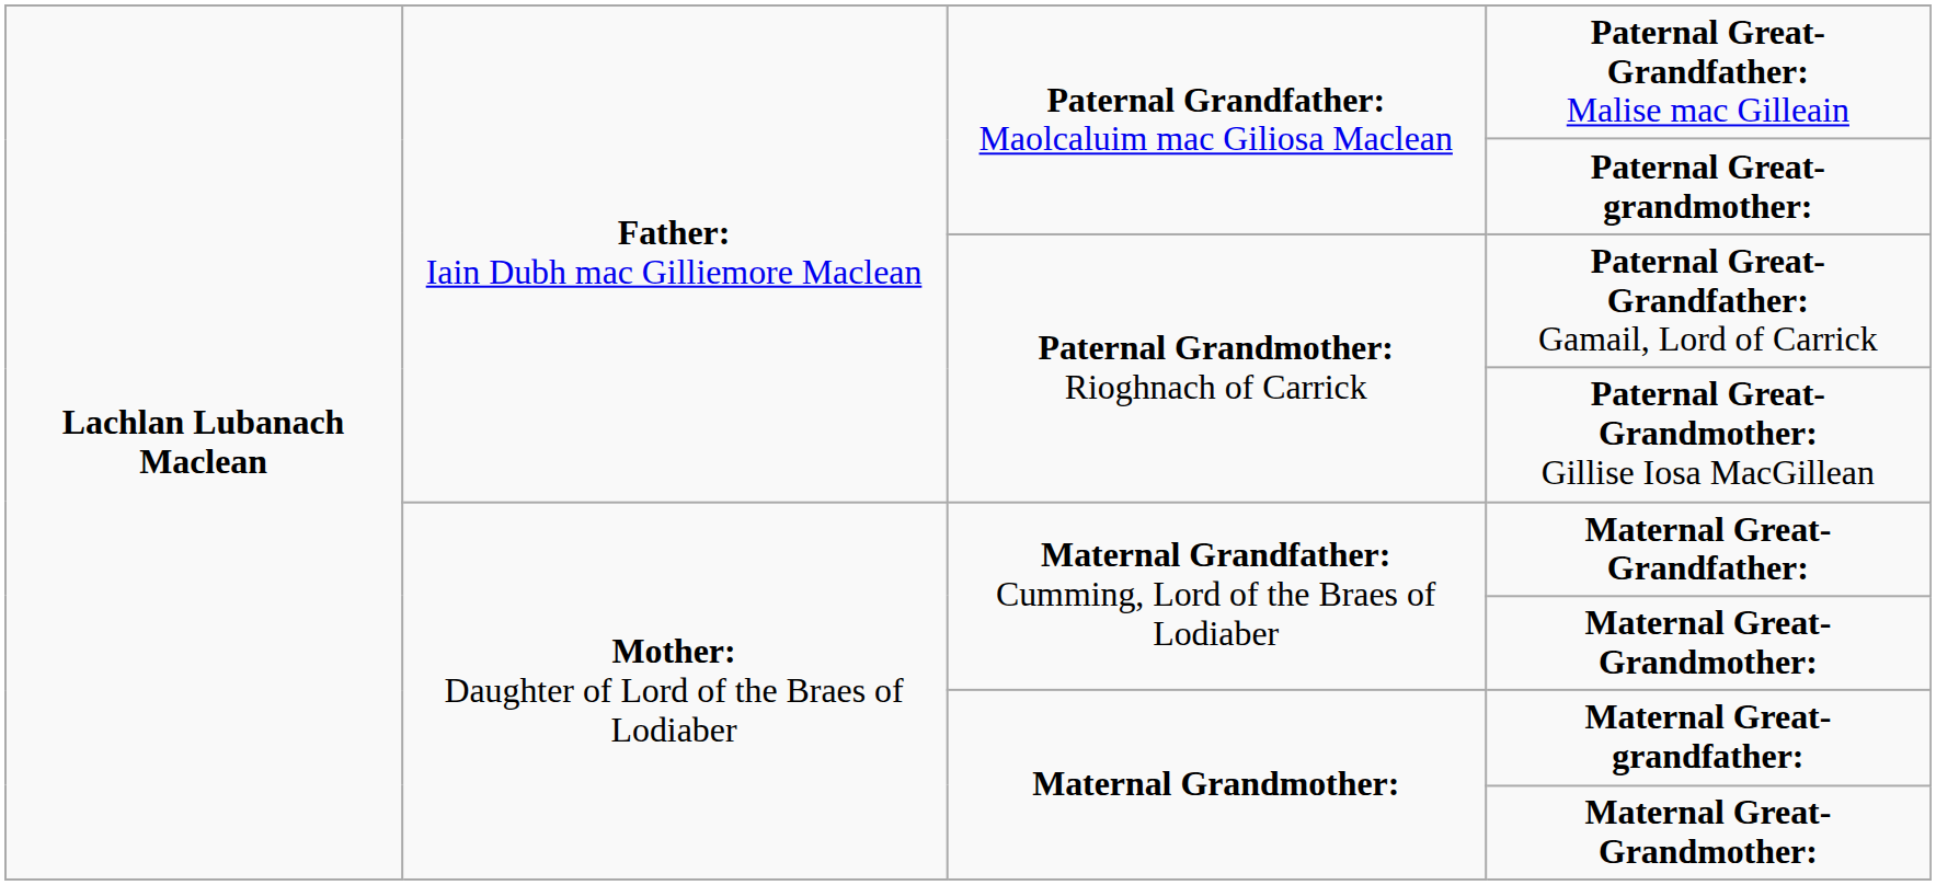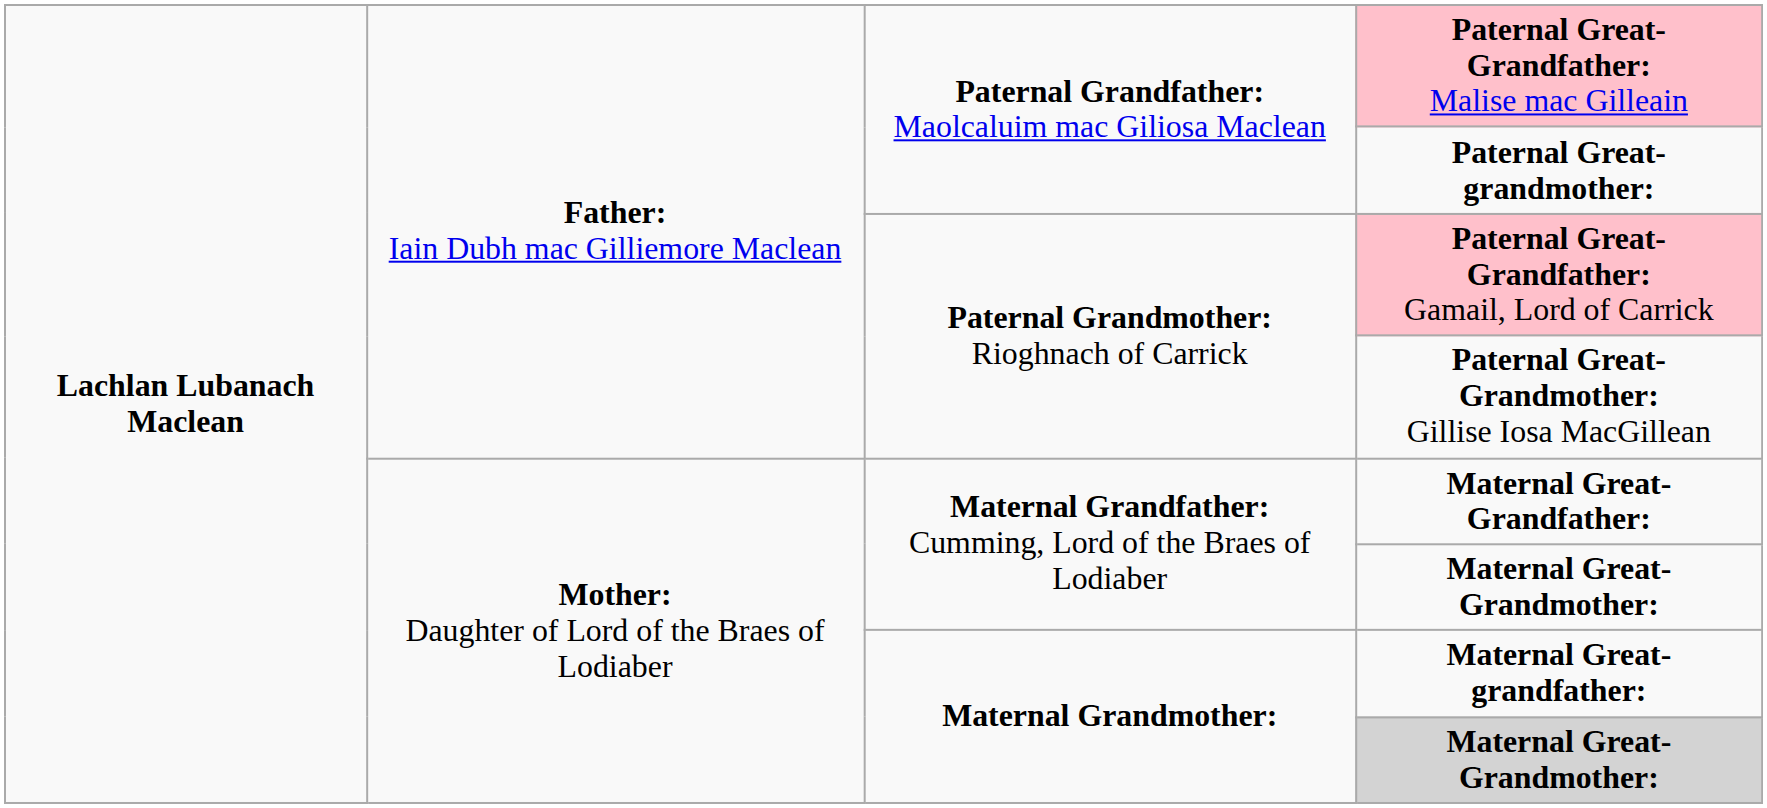 <table class="wikitable" style="margin:0.3em auto">
 <tr>
 </tr>
 <tr>
 <td rowspan="8" align="center"><strong>Lachlan Lubanach Maclean</strong></td>
 <td rowspan="4" align="center"><strong>Father:</strong><br><a href='#'>Iain Dubh mac Gilliemore Maclean</a></td>
 <td rowspan="2" align="center"><strong>Paternal Grandfather:</strong><br><a href='#'>Maolcaluim mac Giliosa Maclean</a></td>
-<td align="center"><strong>Paternal Great-Grandfather:</strong><br><a href='#'>Malise mac Gilleain</a></td>
+<td align="center" style="background: pink;"><strong>Paternal Great-Grandfather:</strong><br><a href='#'>Malise mac Gilleain</a></td>
 </tr>
 <tr>
 <td align="center"><strong>Paternal Great-grandmother:</strong><br></td>
 </tr>
 <tr>
 <td rowspan="2" align="center"><strong>Paternal Grandmother:</strong><br>Rioghnach of Carrick</td>
-<td align="center"><strong>Paternal Great-Grandfather:</strong><br>Gamail, Lord of Carrick</td>
+<td align="center" style="background: pink;"><strong>Paternal Great-Grandfather:</strong><br>Gamail, Lord of Carrick</td>
 </tr>
 <tr>
 <td align="center"><strong>Paternal Great-Grandmother:</strong><br>Gillise Iosa MacGillean</td>
 </tr>
 <tr>
 <td rowspan="4" align="center"><strong>Mother:</strong><br>Daughter of Lord of the Braes of Lodiaber</td>
 <td rowspan="2" align="center"><strong>Maternal Grandfather:</strong><br>Cumming, Lord of the Braes of Lodiaber</td>
 <td align="center"><strong>Maternal Great-Grandfather:</strong><br></td>
 </tr>
 <tr>
 <td align="center"><strong>Maternal Great-Grandmother:</strong><br></td>
 </tr>
 <tr>
 <td rowspan="2" align="center"><strong>Maternal Grandmother:</strong><br></td>
 <td align="center"><strong>Maternal Great-grandfather:</strong><br></td>
 </tr>
 <tr>
-<td align="center"><strong>Maternal Great-Grandmother:</strong><br></td>
+<td align="center" style="background: lightgrey;"><strong>Maternal Great-Grandmother:</strong><br></td>
 </tr>
 </table>
